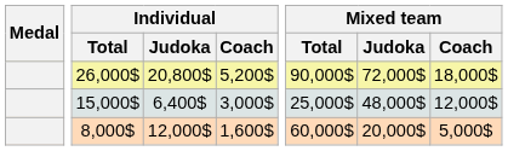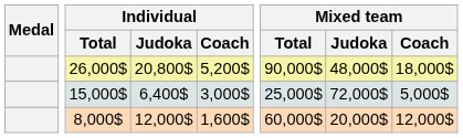 <table class=wikitable style="border: none; background: none; text-align:center;">
 <tr>
 <th rowspan=2>Medal</th>
 <td rowspan=5 style="width:1; border: none; background: none;"></td>
 <th colspan=3>Individual</th>
 <td rowspan=5 style="width:1; border: none; background: none;"></td>
 <th colspan=3>Mixed team</th>
 </tr>
 <tr>
 <th>Total</th>
 <th>Judoka</th>
 <th>Coach</th>
 <th>Total</th>
 <th>Judoka</th>
 <th>Coach</th>
 </tr>
 <tr bgcolor=F7F6A8>
 <th></th>
 <td>26,000$</td>
 <td>20,800$</td>
 <td>5,200$</td>
 <td>90,000$</td>
-<td>72,000$</td>
+<td>48,000$</td>
 <td>18,000$</td>
 </tr>
 <tr bgcolor=DCE5E5>
 <th></th>
 <td>15,000$</td>
 <td>6,400$</td>
 <td>3,000$</td>
 <td>25,000$</td>
-<td>48,000$</td>
-<td>12,000$</td>
+<td>72,000$</td>
+<td>5,000$</td>
 </tr>
 <tr bgcolor=FFDAB9>
 <th></th>
 <td>8,000$</td>
 <td>12,000$</td>
 <td>1,600$</td>
 <td>60,000$</td>
 <td>20,000$</td>
-<td>5,000$</td>
+<td>12,000$</td>
 </tr>
 </table>
